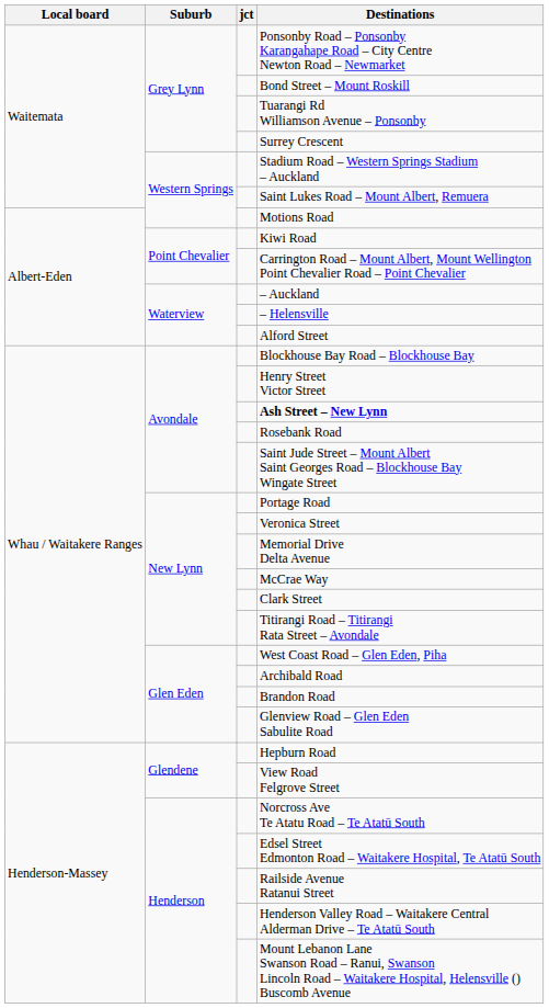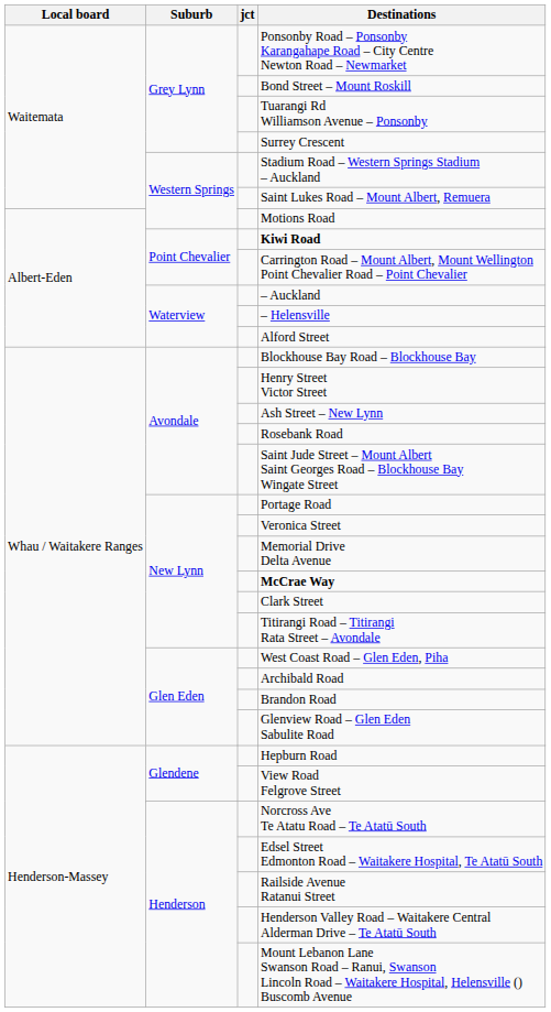 <table class="wikitable">
 <tr>
 <th>Local board</th>
 <th>Suburb</th>
 <th>jct</th>
 <th>Destinations</th>
 </tr>
 <tr>
 <td rowspan="7">Waitemata</td>
 <td rowspan="4"><a href='#'>Grey Lynn</a></td>
 <td></td>
 <td>Ponsonby Road – <a href='#'>Ponsonby</a><br> <a href='#'>Karangahape Road</a> – City Centre <br> Newton Road – <a href='#'>Newmarket</a></td>
 </tr>
 <tr>
 <td></td>
 <td>Bond Street – <a href='#'>Mount Roskill</a></td>
 </tr>
 <tr>
 <td></td>
 <td>Tuarangi Rd <br> Williamson Avenue – <a href='#'>Ponsonby</a></td>
 </tr>
 <tr>
 <td></td>
 <td>Surrey Crescent</td>
 </tr>
 <tr>
 <td rowspan="4"><a href='#'>Western Springs</a></td>
 <td></td>
 <td>Stadium Road – <a href='#'>Western Springs Stadium</a> <br>  – Auckland</td>
 </tr>
 <tr>
 <td></td>
 <td>Saint Lukes Road – <a href='#'>Mount Albert</a>, <a href='#'>Remuera</a></td>
 </tr>
 <tr>
 <td rowspan="2"></td>
 <td rowspan="2">Motions Road</td>
 </tr>
 <tr>
 <td rowspan="7">Albert-Eden</td>
 </tr>
 <tr>
 <td rowspan="2"><a href='#'>Point Chevalier</a></td>
 <td></td>
-<td>Kiwi Road</td>
+<td><strong>Kiwi Road</strong></td>
 </tr>
 <tr>
 <td></td>
 <td>Carrington Road – <a href='#'>Mount Albert</a>, <a href='#'>Mount Wellington</a> <br> Point Chevalier Road – <a href='#'>Point Chevalier</a></td>
 </tr>
 <tr>
 <td rowspan="4"><a href='#'>Waterview</a></td>
 <td></td>
 <td> – Auckland</td>
 </tr>
 <tr>
 <td></td>
 <td> – <a href='#'>Helensville</a></td>
 </tr>
 <tr>
 <td></td>
 <td>Alford Street</td>
 </tr>
 <tr>
 <td rowspan="2"></td>
 <td rowspan="2">Blockhouse Bay Road – <a href='#'>Blockhouse Bay</a></td>
 </tr>
 <tr>
 <td rowspan="16">Whau / Waitakere Ranges</td>
 <td rowspan="5"><a href='#'>Avondale</a></td>
 </tr>
 <tr>
 <td></td>
 <td>Henry Street <br> Victor Street</td>
 </tr>
 <tr>
 <td></td>
-<td><strong>Ash Street – <a href='#'>New Lynn</a></strong></td>
+<td>Ash Street – <a href='#'>New Lynn</a></td>
 </tr>
 <tr>
 <td></td>
 <td>Rosebank Road</td>
 </tr>
 <tr>
 <td></td>
 <td>Saint Jude Street – <a href='#'>Mount Albert</a> <br> Saint Georges Road – <a href='#'>Blockhouse Bay</a> <br> Wingate Street</td>
 </tr>
 <tr>
 <td rowspan="6"><a href='#'>New Lynn</a></td>
 <td></td>
 <td>Portage Road</td>
 </tr>
 <tr>
 <td></td>
 <td>Veronica Street</td>
 </tr>
 <tr>
 <td></td>
 <td>Memorial Drive <br> Delta Avenue</td>
 </tr>
 <tr>
 <td></td>
-<td>McCrae Way</td>
+<td><strong>McCrae Way</strong></td>
 </tr>
 <tr>
 <td></td>
 <td>Clark Street</td>
 </tr>
 <tr>
 <td></td>
 <td>Titirangi Road – <a href='#'>Titirangi</a> <br> Rata Street – <a href='#'>Avondale</a></td>
 </tr>
 <tr>
 <td rowspan="5"><a href='#'>Glen Eden</a></td>
 <td></td>
 <td>West Coast Road – <a href='#'>Glen Eden</a>, <a href='#'>Piha</a></td>
 </tr>
 <tr>
 <td></td>
 <td>Archibald Road</td>
 </tr>
 <tr>
 <td></td>
 <td>Brandon Road</td>
 </tr>
 <tr>
 <td></td>
 <td>Glenview Road – <a href='#'>Glen Eden</a> <br> Sabulite Road</td>
 </tr>
 <tr>
 <td rowspan="2"></td>
 <td rowspan="2">Hepburn Road</td>
 </tr>
 <tr>
 <td rowspan="8">Henderson-Massey</td>
 <td rowspan="3"><a href='#'>Glendene</a></td>
 </tr>
 <tr>
 <td></td>
 <td>View Road <br> Felgrove Street</td>
 </tr>
 <tr>
 <td rowspan="2"></td>
 <td rowspan="2">Norcross Ave <br> Te Atatu Road – <a href='#'>Te Atatū South</a></td>
 </tr>
 <tr>
 <td rowspan="5"><a href='#'>Henderson</a></td>
 </tr>
 <tr>
 <td></td>
 <td>Edsel Street <br> Edmonton Road – <a href='#'>Waitakere Hospital</a>, <a href='#'>Te Atatū South</a></td>
 </tr>
 <tr>
 <td></td>
 <td>Railside Avenue <br> Ratanui Street</td>
 </tr>
 <tr>
 <td></td>
 <td>Henderson Valley Road – Waitakere Central <br> Alderman Drive – <a href='#'>Te Atatū South</a></td>
 </tr>
 <tr>
 <td></td>
 <td>Mount Lebanon Lane <br> Swanson Road – Ranui, <a href='#'>Swanson</a><br> Lincoln Road – <a href='#'>Waitakere Hospital</a>, <a href='#'>Helensville</a> ()<br> Buscomb Avenue</td>
 </tr>
 </table>
